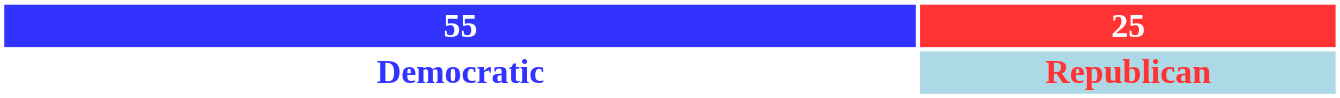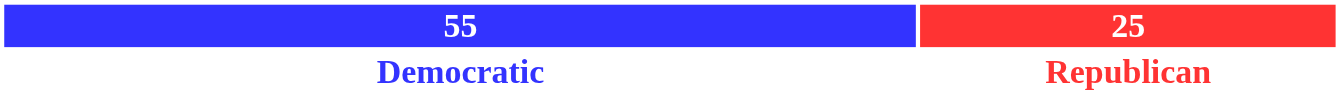 <table style="width:50%">
 <tr>
 <td scope="row" colspan="3" style="text-align:center"></td>
 </tr>
 <tr>
 <td scope="row" style="background:#33F; width:68.75%; text-align:center; color:white"><strong>55</strong></td>
 <td style="background:#F33; width:31.25%; text-align:center; color:white"><strong>25</strong></td>
 </tr>
 <tr>
 <td scope="row" style="text-align:center; color:#33F"><strong>Democratic</strong></td>
-<td style="background: lightblue; text-align:center; color:#F33"><strong>Republican</strong></td>
+<td style="text-align:center; color:#F33"><strong>Republican</strong></td>
 </tr>
 </table>
